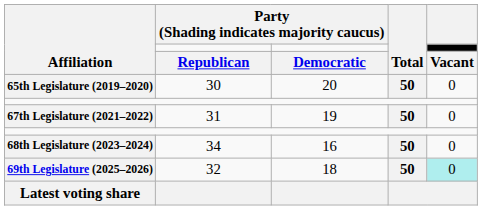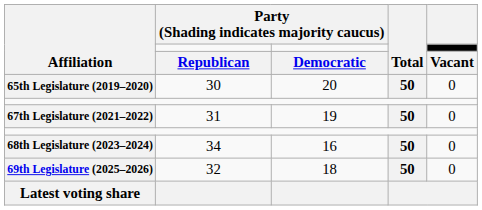 <table class=wikitable style="text-align:center">
 <tr style="vertical-align:bottom;">
 <th rowspan=3>Affiliation</th>
 <th colspan=2>Party <div>(Shading indicates majority caucus)</div></th>
 <th rowspan=3>Total</th>
 <th></th>
 </tr>
 <tr style="height:5px">
 <td style="background-color:"></td>
 <td style="background-color:"></td>
 <td style="background: black"></td>
 </tr>
 <tr>
 <th><a href='#'>Republican</a></th>
 <th><a href='#'>Democratic</a></th>
 <th>Vacant</th>
 </tr>
 <tr>
 <th nowrap style="font-size:80%">65th Legislature (2019–2020)</th>
 <td>30</td>
 <td>20</td>
 <th>50</th>
 <td>0</td>
 </tr>
 <tr>
 <td colspan=5></td>
 </tr>
 <tr>
 <th nowrap style="font-size:80%">67th Legislature (2021–2022)</th>
 <td>31</td>
 <td>19</td>
 <th>50</th>
 <td>0</td>
 </tr>
 <tr>
 <td colspan=5></td>
 </tr>
 <tr>
 <th nowrap style="font-size:80%">68th Legislature (2023–2024)</th>
 <td>34</td>
 <td>16</td>
 <th>50</th>
 <td>0</td>
 </tr>
 <tr>
 <th nowrap style="font-size:80%"><a href='#'>69th Legislature</a> (2025–2026)</th>
 <td>32</td>
 <td>18</td>
 <th>50</th>
-<td style="background: paleturquoise;">0</td>
+<td>0</td>
 </tr>
 <tr>
 <th>Latest voting share</th>
 <th></th>
 <th></th>
 <th colspan=3></th>
 </tr>
 </table>
